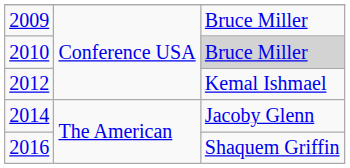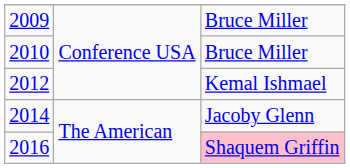 <table class="wikitable">
 <tr>
 </tr>
 <tr>
 </tr>
 <tr>
 <td align=center><a href='#'>2009</a></td>
 <td rowspan=3><a href='#'>Conference USA</a></td>
 <td><a href='#'>Bruce Miller</a></td>
 </tr>
 <tr>
 <td align=center><a href='#'>2010</a></td>
-<td style="background: lightgrey;"><a href='#'>Bruce Miller</a></td>
+<td><a href='#'>Bruce Miller</a></td>
 </tr>
 <tr>
 <td align=center><a href='#'>2012</a></td>
 <td><a href='#'>Kemal Ishmael</a></td>
 </tr>
 <tr>
 <td align=center><a href='#'>2014</a></td>
 <td rowspan=3><a href='#'>The American</a></td>
 <td><a href='#'>Jacoby Glenn</a></td>
 </tr>
 <tr>
 <td align=center><a href='#'>2016</a></td>
-<td><a href='#'>Shaquem Griffin</a></td>
+<td style="background: pink;"><a href='#'>Shaquem Griffin</a></td>
 </tr>
 </table>
